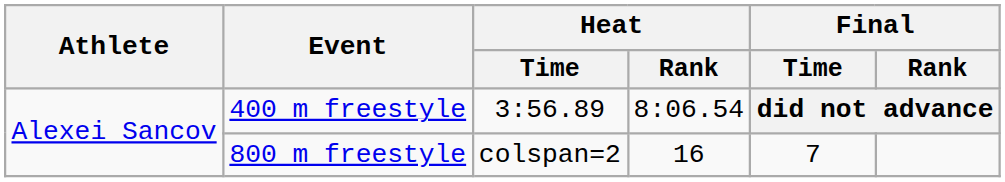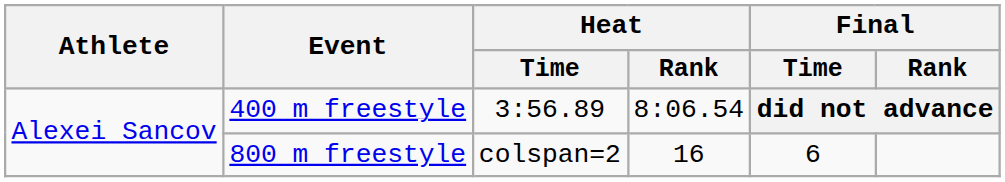 <table class=wikitable style="font-size:90%">
 <tr>
 <th rowspan=2>Athlete</th>
 <th rowspan=2>Event</th>
 <th colspan="2">Heat</th>
 <th colspan="2">Final</th>
 </tr>
 <tr style="font-size:95%">
 <th>Time</th>
 <th>Rank</th>
 <th>Time</th>
 <th>Rank</th>
 </tr>
 <tr align=center>
 <td align=left rowspan=2><a href='#'>Alexei Sancov</a></td>
 <td align=left><a href='#'>400 m freestyle</a></td>
 <td>3:56.89</td>
 <td>8:06.54</td>
 <th colspan=2>did not advance</th>
 </tr>
 <tr align=center>
 <td align=left><a href='#'>800 m freestyle</a></td>
 <td>colspan=2 </td>
 <td>16</td>
-<td>7</td>
+<td>6</td>
 </tr>
 </table>
